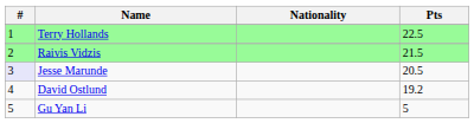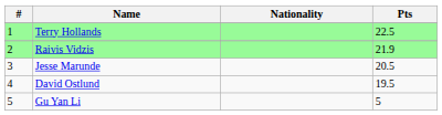 <table class="wikitable" style="display: inline-table; width: 50%;">
 <tr>
 <th>#</th>
 <th>Name</th>
 <th>Nationality</th>
 <th>Pts</th>
 </tr>
 <tr>
 </tr>
 <tr style="background:palegreen">
 <td>1</td>
 <td><a href='#'>Terry Hollands</a></td>
 <td></td>
 <td>22.5</td>
 </tr>
 <tr>
 </tr>
 <tr style="background:palegreen">
 <td>2</td>
 <td><a href='#'>Raivis Vidzis</a></td>
 <td></td>
-<td>21.5</td>
+<td>21.9</td>
 </tr>
 <tr>
-<td style="background: lavender;">3</td>
+<td>3</td>
 <td><a href='#'>Jesse Marunde</a></td>
 <td></td>
 <td>20.5</td>
 </tr>
 <tr>
 <td>4</td>
 <td><a href='#'>David Ostlund</a></td>
 <td></td>
-<td>19.2</td>
+<td>19.5</td>
 </tr>
 <tr>
 <td>5</td>
 <td><a href='#'>Gu Yan Li</a></td>
 <td></td>
 <td>5</td>
 </tr>
 </table>
